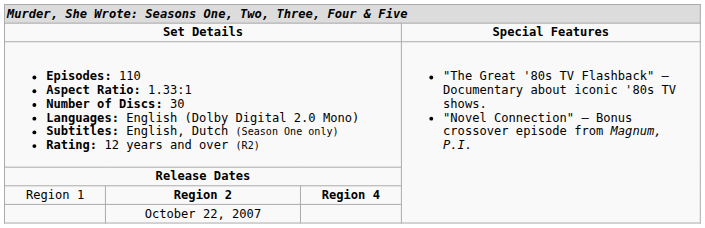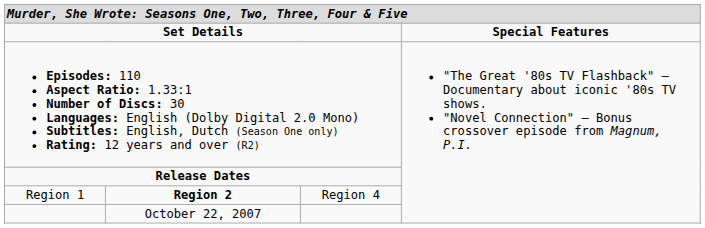 <table border="2" cellpadding="2" cellspacing="0" style="margin: 0 1em 0 0; background: #f9f9f9; border: 1px #aaa solid; border-collapse: collapse; font-size: 95%;">
 <tr style="background:#DCDCDC">
 <td colspan="5"><strong><em>Murder, She Wrote: Seasons One, Two, Three, Four & Five</em></strong></td>
 </tr>
 <tr valign="top">
 <td align="center" width="400" colspan="3"><strong>Set Details</strong></td>
 <td width="300" align="center"><strong>Special Features</strong></td>
 </tr>
 <tr valign="top">
 <td colspan="3" align="left" width="400"><br><ul><li><strong>Episodes:</strong> 110</li><li><strong>Aspect Ratio:</strong> 1.33:1</li><li><strong>Number of Discs:</strong> 30</li><li><strong>Languages:</strong> English (Dolby Digital 2.0 Mono)</li><li><strong>Subtitles:</strong> English, Dutch <small>(Season One only)</small></li><li><strong>Rating:</strong> 12 years and over <small>(R2)</small></li></ul></td>
 <td rowspan="4" align="left" width="300"><br><ul><li>"The Great '80s TV Flashback" – Documentary about iconic '80s TV shows.</li><li>"Novel Connection" – Bonus crossover episode from <em>Magnum, P.I.</em></li></ul></td>
 </tr>
 <tr>
 <td colspan="3" align="center"><strong>Release Dates</strong></td>
 </tr>
 <tr>
 <td align="center">Region 1</td>
 <td align="center"><strong>Region 2</strong></td>
-<td align="center"><strong>Region 4</strong></td>
+<td align="center">Region 4</td>
 </tr>
 <tr>
 <td></td>
 <td align="center">October 22, 2007</td>
 <td></td>
 </tr>
 </table>
